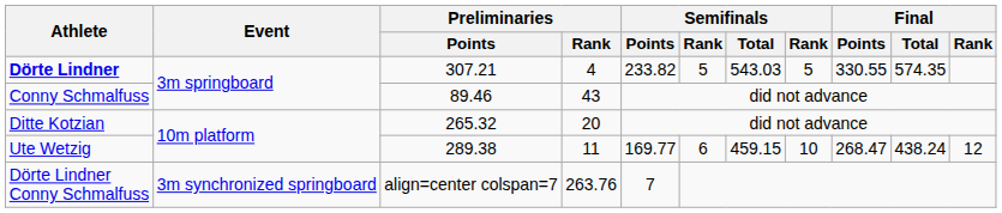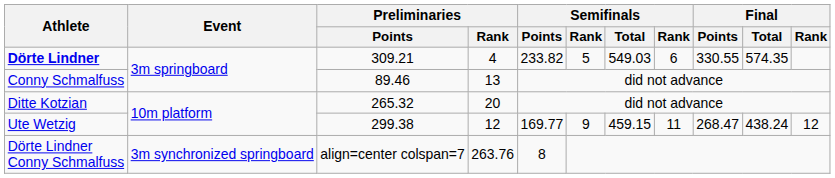 <table class=wikitable style="font-size:90%">
 <tr>
 <th rowspan="2">Athlete</th>
 <th rowspan="2">Event</th>
 <th colspan="2">Preliminaries</th>
 <th colspan="4">Semifinals</th>
 <th colspan="3">Final</th>
 </tr>
 <tr style="font-size:95%">
 <th>Points</th>
 <th>Rank</th>
 <th>Points</th>
 <th>Rank</th>
 <th>Total</th>
 <th>Rank</th>
 <th>Points</th>
 <th>Total</th>
 <th>Rank</th>
 </tr>
 <tr>
 <td align=left><strong><a href='#'>Dörte Lindner</a></strong></td>
 <td align=left rowspan=2><a href='#'>3m springboard</a></td>
-<td align=center>307.21</td>
+<td align=center>309.21</td>
 <td align=center>4</td>
 <td align=center>233.82</td>
 <td align=center>5</td>
-<td align=center>543.03</td>
-<td align=center>5</td>
+<td align=center>549.03</td>
+<td align=center>6</td>
 <td align=center>330.55</td>
 <td align=center>574.35</td>
 <td align=center></td>
 </tr>
 <tr>
 <td align=left><a href='#'>Conny Schmalfuss</a></td>
 <td align=center>89.46</td>
-<td align=center>43</td>
+<td align=center>13</td>
 <td align=center colspan=7>did not advance</td>
 </tr>
 <tr>
 <td align=left><a href='#'>Ditte Kotzian</a></td>
 <td align=left rowspan=2><a href='#'>10m platform</a></td>
 <td align=center>265.32</td>
 <td align=center>20</td>
 <td align=center colspan=7>did not advance</td>
 </tr>
 <tr>
 <td align=left><a href='#'>Ute Wetzig</a></td>
-<td align=center>289.38</td>
+<td align=center>299.38</td>
+<td align=center>12</td>
+<td align=center>169.77</td>
+<td align=center>9</td>
+<td align=center>459.15</td>
 <td align=center>11</td>
-<td align=center>169.77</td>
-<td align=center>6</td>
-<td align=center>459.15</td>
-<td align=center>10</td>
 <td align=center>268.47</td>
 <td align=center>438.24</td>
 <td align=center>12</td>
 </tr>
 <tr>
 <td align=left><a href='#'>Dörte Lindner</a><br> <a href='#'>Conny Schmalfuss</a></td>
 <td align=left><a href='#'>3m synchronized springboard</a></td>
 <td>align=center colspan=7 </td>
 <td align=center>263.76</td>
-<td align=center>7</td>
+<td align=center>8</td>
 </tr>
 </table>
